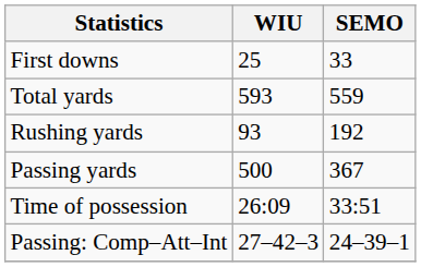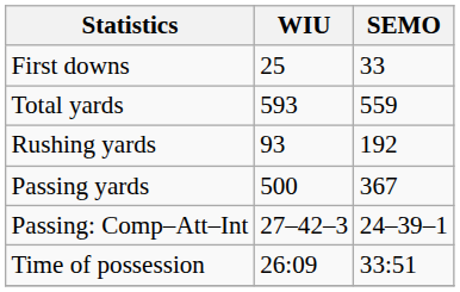 <table class="wikitable" style="float: left;">
 <tr>
 <th>Statistics</th>
 <th>WIU</th>
 <th>SEMO</th>
 </tr>
 <tr>
 <td>First downs</td>
 <td>25</td>
 <td>33</td>
 </tr>
 <tr>
 <td>Total yards</td>
 <td>593</td>
 <td>559</td>
 </tr>
 <tr>
 <td>Rushing yards</td>
 <td>93</td>
 <td>192</td>
 </tr>
 <tr>
 <td>Passing yards</td>
 <td>500</td>
 <td>367</td>
 </tr>
 <tr>
+<td>Passing: Comp–Att–Int</td>
+<td>27–42–3</td>
+<td>24–39–1</td>
+</tr>
+<tr>
 <td>Time of possession</td>
 <td>26:09</td>
 <td>33:51</td>
 </tr>
 <tr>
-<td>Passing: Comp–Att–Int</td>
-<td>27–42–3</td>
-<td>24–39–1</td>
-</tr>
-<tr>
 </tr>
 </table>
